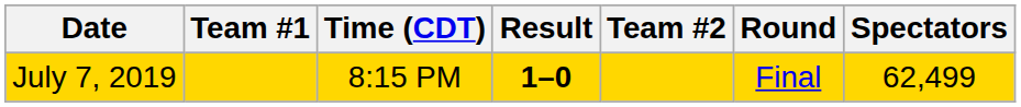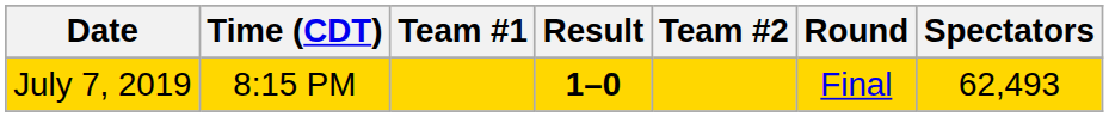 <table class="wikitable" style="text-align:center">
 <tr>
 <th style="text-align:center;">Date</th>
+<th style="text-align:center;">Time (<a href='#'>CDT</a>)</th>
 <th style="text-align:center;">Team #1</th>
-<th style="text-align:center;">Time (<a href='#'>CDT</a>)</th>
 <th style="text-align:center;">Result</th>
 <th style="text-align:center;">Team #2</th>
 <th style="text-align:center;">Round</th>
 <th style="text-align:center;">Spectators</th>
 </tr>
 <tr style="background:gold;">
 <td>July 7, 2019</td>
+<td>8:15 PM</td>
 <td></td>
-<td>8:15 PM</td>
 <td><strong>1–0</strong></td>
 <td></td>
 <td><a href='#'>Final</a></td>
-<td>62,499</td>
+<td>62,493</td>
 </tr>
 </table>
